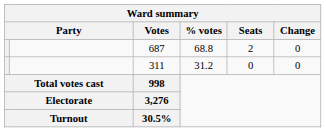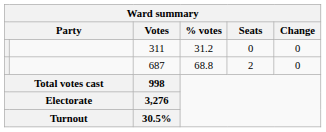 <table class="wikitable" style="font-size: 95%;">
 <tr style="background-color:#E9E9E9">
 <th colspan="6">Ward summary</th>
 </tr>
 <tr style="background-color:#E9E9E9">
 <th colspan="2">Party</th>
 <th style="width: 60px">Votes</th>
 <th style="width: 60px">% votes</th>
 <th style="width: 60px">Seats</th>
 <th style="width: 60px">Change</th>
 </tr>
 <tr>
 <th style="background-color: "></th>
 <td style="width: 170px"><a href='#'></a></td>
-<td align="center">687</td>
-<td align="center">68.8</td>
-<td align="center">2</td>
+<td align="center">311</td>
+<td align="center">31.2</td>
+<td align="center">0</td>
 <td align="center">0</td>
 </tr>
 <tr>
 <th style="background-color: "></th>
 <td style="width: 170px"><a href='#'></a></td>
-<td align="center">311</td>
-<td align="center">31.2</td>
-<td align="center">0</td>
+<td align="center">687</td>
+<td align="center">68.8</td>
+<td align="center">2</td>
 <td align="center">0</td>
 </tr>
 <tr style="background-color:#E9E9E9">
 <th colspan="2">Total votes cast</th>
 <th style="width: 60px">998</th>
 </tr>
 <tr style="background-color:#E9E9E9">
 <th colspan="2">Electorate</th>
 <th style="width: 60px">3,276</th>
 </tr>
 <tr style="background-color:#E9E9E9">
 <th colspan="2">Turnout</th>
 <th style="width: 60px">30.5%</th>
 </tr>
 </table>
